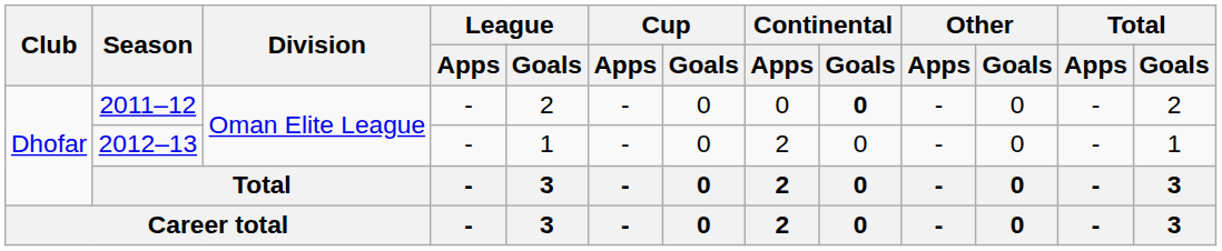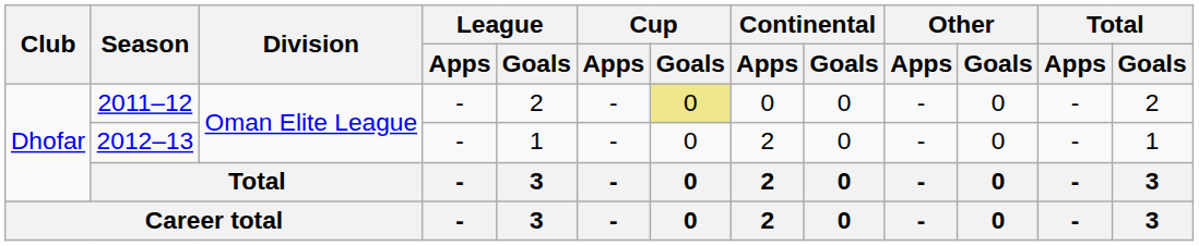 <table class="wikitable" style="text-align: center;">
 <tr>
 <th rowspan="2">Club</th>
 <th rowspan="2">Season</th>
 <th rowspan="2">Division</th>
 <th colspan="2">League</th>
 <th colspan="2">Cup</th>
 <th colspan="2">Continental</th>
 <th colspan="2">Other</th>
 <th colspan="2">Total</th>
 </tr>
 <tr>
 <th>Apps</th>
 <th>Goals</th>
 <th>Apps</th>
 <th>Goals</th>
 <th>Apps</th>
 <th>Goals</th>
 <th>Apps</th>
 <th>Goals</th>
 <th>Apps</th>
 <th>Goals</th>
 </tr>
 <tr>
 <td rowspan="3"><a href='#'>Dhofar</a></td>
 <td><a href='#'>2011–12</a></td>
 <td rowspan="2"><a href='#'>Oman Elite League</a></td>
 <td>-</td>
 <td>2</td>
 <td>-</td>
+<td style="background: khaki;">0</td>
 <td>0</td>
 <td>0</td>
-<td><strong>0</strong></td>
 <td>-</td>
 <td>0</td>
 <td>-</td>
 <td>2</td>
 </tr>
 <tr>
 <td><a href='#'>2012–13</a></td>
 <td>-</td>
 <td>1</td>
 <td>-</td>
 <td>0</td>
 <td>2</td>
 <td>0</td>
 <td>-</td>
 <td>0</td>
 <td>-</td>
 <td>1</td>
 </tr>
 <tr>
 <th colspan="2">Total</th>
 <th>-</th>
 <th>3</th>
 <th>-</th>
 <th>0</th>
 <th>2</th>
 <th>0</th>
 <th>-</th>
 <th>0</th>
 <th>-</th>
 <th>3</th>
 </tr>
 <tr>
 <th colspan="3">Career total</th>
 <th>-</th>
 <th>3</th>
 <th>-</th>
 <th>0</th>
 <th>2</th>
 <th>0</th>
 <th>-</th>
 <th>0</th>
 <th>-</th>
 <th>3</th>
 </tr>
 </table>
